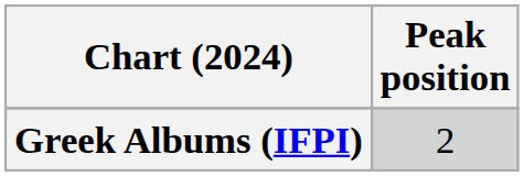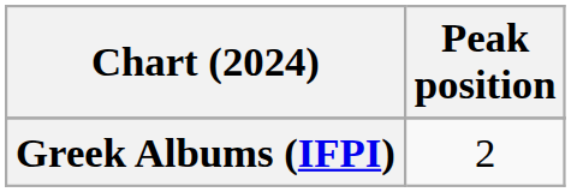 <table class="wikitable sortable plainrowheaders" style="text-align:center">
 <tr>
 <th scope="col">Chart (2024)</th>
 <th scope="col">Peak<br>position</th>
 </tr>
 <tr>
 </tr>
 <tr>
 </tr>
 <tr>
 <th scope="row">Greek Albums (<a href='#'>IFPI</a>)</th>
-<td style="background: lightgrey;">2</td>
+<td>2</td>
 </tr>
 </table>
